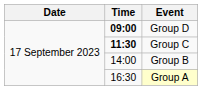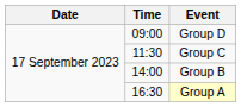 <table class = "wikitable" style="text-align:center;">
 <tr>
 <th width=150>Date</th>
 <th width=50>Time</th>
 <th width=80>Event</th>
 </tr>
 <tr>
 <td rowspan=4>17 September 2023</td>
-<td><strong>09:00</strong></td>
+<td>09:00</td>
 <td>Group D</td>
 </tr>
 <tr>
-<td><strong>11:30</strong></td>
+<td>11:30</td>
 <td>Group C</td>
 </tr>
 <tr>
 <td>14:00</td>
 <td>Group B</td>
 </tr>
 <tr>
 <td>16:30</td>
 <td bgcolor=ffffcc>Group A</td>
 </tr>
 </table>
